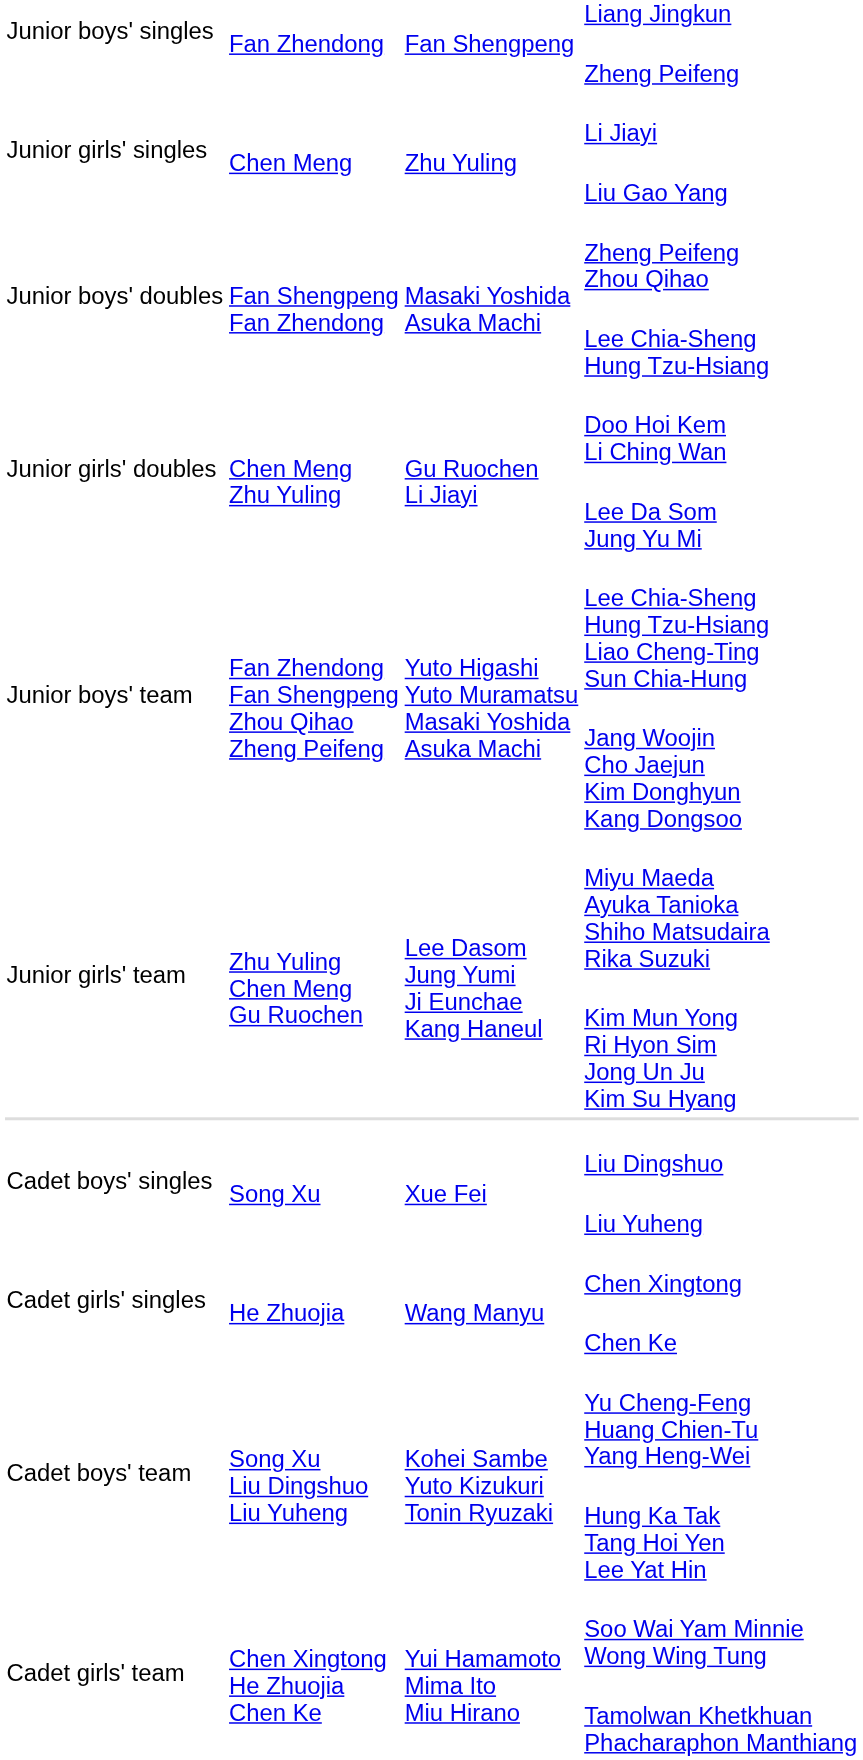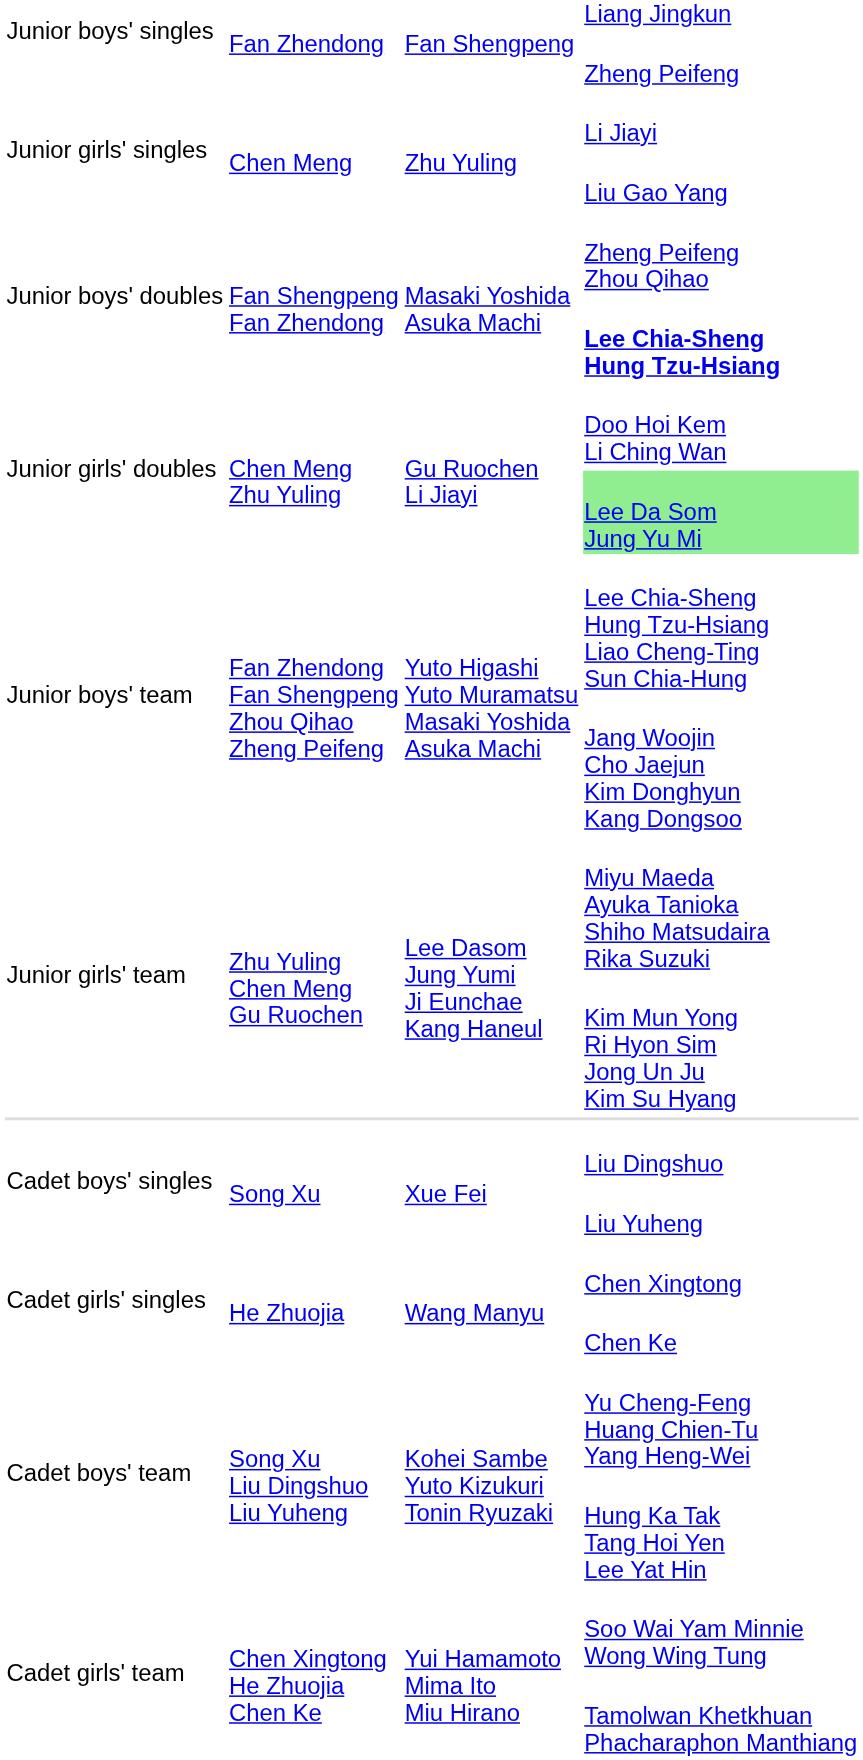 <table>
 <tr>
 <td rowspan=2>Junior boys' singles</td>
 <td rowspan=2><br><a href='#'>Fan Zhendong</a></td>
 <td rowspan=2><br><a href='#'>Fan Shengpeng</a></td>
 <td><br><a href='#'>Liang Jingkun</a></td>
 </tr>
 <tr>
 <td><br><a href='#'>Zheng Peifeng</a></td>
 </tr>
 <tr>
 <td rowspan=2>Junior girls' singles</td>
 <td rowspan=2><br><a href='#'>Chen Meng</a></td>
 <td rowspan=2><br><a href='#'>Zhu Yuling</a></td>
 <td><br><a href='#'>Li Jiayi</a></td>
 </tr>
 <tr>
 <td><br><a href='#'>Liu Gao Yang</a></td>
 </tr>
 <tr>
 <td rowspan=2>Junior boys' doubles</td>
 <td rowspan=2><br><a href='#'>Fan Shengpeng</a><br><a href='#'>Fan Zhendong</a></td>
 <td rowspan=2><br><a href='#'>Masaki Yoshida</a><br><a href='#'>Asuka Machi</a></td>
 <td><br><a href='#'>Zheng Peifeng</a><br><a href='#'>Zhou Qihao</a></td>
 </tr>
 <tr>
-<td><br><a href='#'>Lee Chia-Sheng</a><br><a href='#'>Hung Tzu-Hsiang</a></td>
+<td><strong><br><a href='#'>Lee Chia-Sheng</a><br><a href='#'>Hung Tzu-Hsiang</a></strong></td>
 </tr>
 <tr>
 <td rowspan=2>Junior girls' doubles</td>
 <td rowspan=2><br><a href='#'>Chen Meng</a><br><a href='#'>Zhu Yuling</a></td>
 <td rowspan=2><br><a href='#'>Gu Ruochen</a><br><a href='#'>Li Jiayi</a></td>
 <td><br><a href='#'>Doo Hoi Kem</a><br><a href='#'>Li Ching Wan</a></td>
 </tr>
 <tr>
-<td><br><a href='#'>Lee Da Som</a><br><a href='#'>Jung Yu Mi</a></td>
+<td style="background: lightgreen;"><br><a href='#'>Lee Da Som</a><br><a href='#'>Jung Yu Mi</a></td>
 </tr>
 <tr>
 <td rowspan=2>Junior boys' team</td>
 <td rowspan=2><br><a href='#'>Fan Zhendong</a><br><a href='#'>Fan Shengpeng</a><br><a href='#'>Zhou Qihao</a><br><a href='#'>Zheng Peifeng</a></td>
 <td rowspan=2><br><a href='#'>Yuto Higashi</a><br><a href='#'>Yuto Muramatsu</a><br><a href='#'>Masaki Yoshida</a><br><a href='#'>Asuka Machi</a></td>
 <td><br><a href='#'>Lee Chia-Sheng</a><br><a href='#'>Hung Tzu-Hsiang</a><br><a href='#'>Liao Cheng-Ting</a><br><a href='#'>Sun Chia-Hung</a></td>
 </tr>
 <tr>
 <td><br><a href='#'>Jang Woojin</a><br><a href='#'>Cho Jaejun</a><br><a href='#'>Kim Donghyun</a><br><a href='#'>Kang Dongsoo</a></td>
 </tr>
 <tr>
 <td rowspan=2>Junior girls' team</td>
 <td rowspan=2><br><a href='#'>Zhu Yuling</a><br><a href='#'>Chen Meng</a><br><a href='#'>Gu Ruochen</a></td>
 <td rowspan=2><br><a href='#'>Lee Dasom</a><br><a href='#'>Jung Yumi</a><br><a href='#'>Ji Eunchae</a><br><a href='#'>Kang Haneul</a></td>
 <td><br><a href='#'>Miyu Maeda</a><br><a href='#'>Ayuka Tanioka</a><br><a href='#'>Shiho Matsudaira</a><br><a href='#'>Rika Suzuki</a></td>
 </tr>
 <tr>
 <td><br><a href='#'>Kim Mun Yong</a><br><a href='#'>Ri Hyon Sim</a><br><a href='#'>Jong Un Ju</a><br><a href='#'>Kim Su Hyang</a></td>
 </tr>
 <tr style="background:#dddddd;">
 <td colspan=7></td>
 </tr>
 <tr>
 <td rowspan=2>Cadet boys' singles</td>
 <td rowspan=2><br><a href='#'>Song Xu</a></td>
 <td rowspan=2><br><a href='#'>Xue Fei</a></td>
 <td><br><a href='#'>Liu Dingshuo</a></td>
 </tr>
 <tr>
 <td><br><a href='#'>Liu Yuheng</a></td>
 </tr>
 <tr>
 <td rowspan=2>Cadet girls' singles</td>
 <td rowspan=2><br><a href='#'>He Zhuojia</a></td>
 <td rowspan=2><br><a href='#'>Wang Manyu</a></td>
 <td><br><a href='#'>Chen Xingtong</a></td>
 </tr>
 <tr>
 <td><br><a href='#'>Chen Ke</a></td>
 </tr>
 <tr>
 <td rowspan=2>Cadet boys' team</td>
 <td rowspan=2><br><a href='#'>Song Xu</a><br><a href='#'>Liu Dingshuo</a><br><a href='#'>Liu Yuheng</a></td>
 <td rowspan=2><br><a href='#'>Kohei Sambe</a><br><a href='#'>Yuto Kizukuri</a><br><a href='#'>Tonin Ryuzaki</a></td>
 <td><br><a href='#'>Yu Cheng-Feng</a><br><a href='#'>Huang Chien-Tu</a><br><a href='#'>Yang Heng-Wei</a></td>
 </tr>
 <tr>
 <td><br><a href='#'>Hung Ka Tak</a><br><a href='#'>Tang Hoi Yen</a><br><a href='#'>Lee Yat Hin</a></td>
 </tr>
 <tr>
 <td rowspan=2>Cadet girls' team</td>
 <td rowspan=2><br><a href='#'>Chen Xingtong</a><br><a href='#'>He Zhuojia</a><br><a href='#'>Chen Ke</a></td>
 <td rowspan=2><br><a href='#'>Yui Hamamoto</a><br><a href='#'>Mima Ito</a><br><a href='#'>Miu Hirano</a></td>
 <td><br><a href='#'>Soo Wai Yam Minnie</a><br><a href='#'>Wong Wing Tung</a></td>
 </tr>
 <tr>
 <td><br><a href='#'>Tamolwan Khetkhuan</a><br><a href='#'>Phacharaphon Manthiang</a></td>
 </tr>
 </table>
